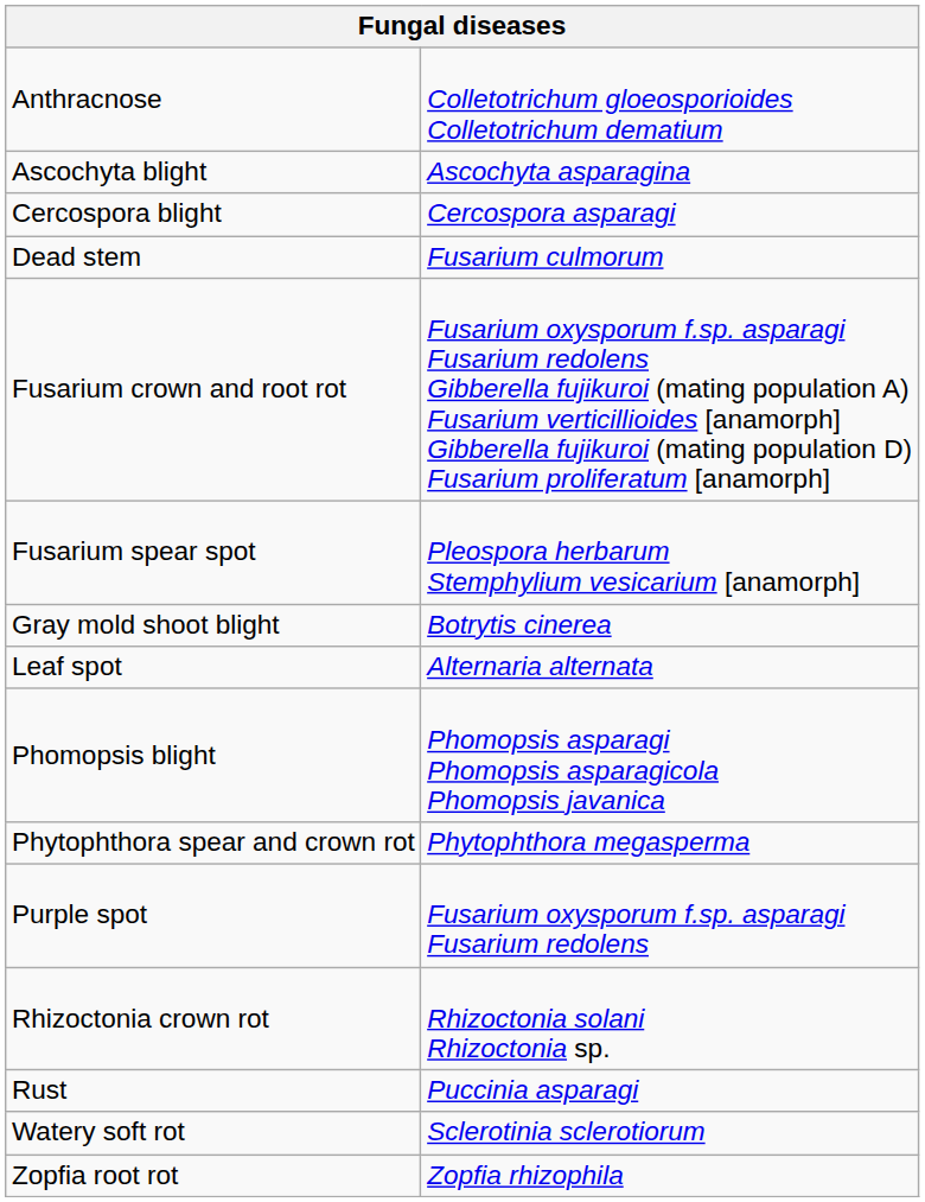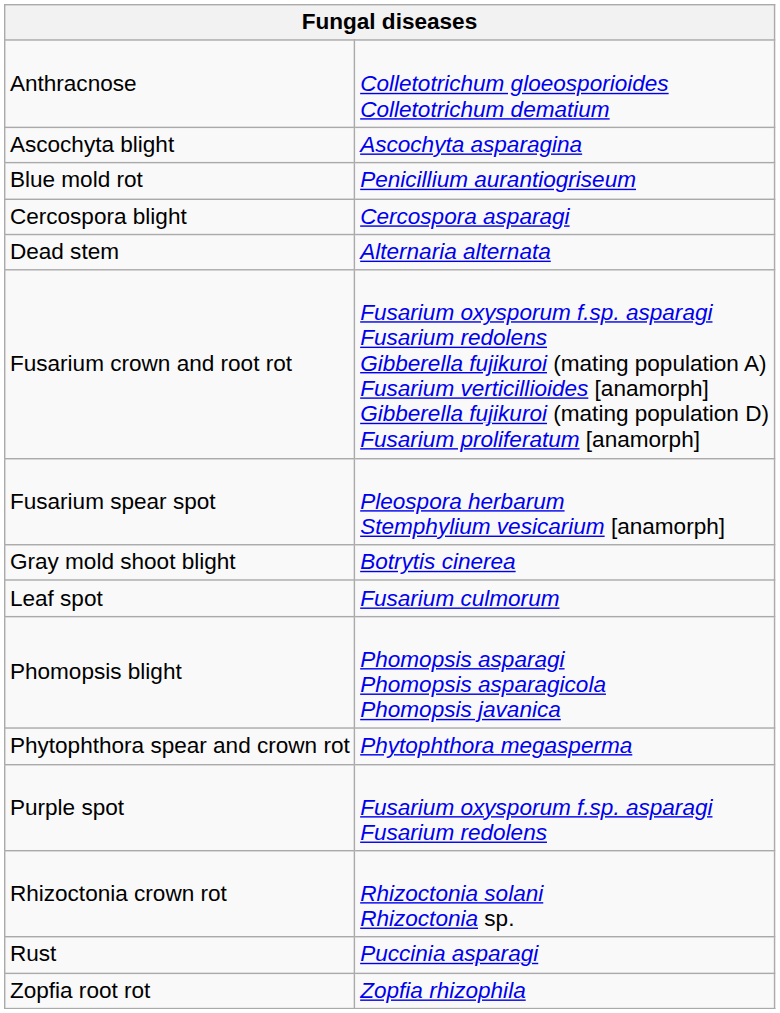 <table class="wikitable" style="clear">
 <tr>
 <th colspan=2><strong>Fungal diseases</strong><br></th>
 </tr>
 <tr>
 <td>Anthracnose</td>
 <td><br><em><a href='#'>Colletotrichum gloeosporioides</a></em><br> <em><a href='#'>Colletotrichum dematium</a></em></td>
 </tr>
 <tr>
 <td>Ascochyta blight</td>
 <td><em><a href='#'>Ascochyta asparagina</a></em></td>
 </tr>
 <tr>
+<td>Blue mold rot</td>
+<td><em><a href='#'>Penicillium aurantiogriseum</a></em></td>
+</tr>
+<tr>
 <td>Cercospora blight</td>
 <td><em><a href='#'>Cercospora asparagi</a></em></td>
 </tr>
 <tr>
 <td>Dead stem</td>
-<td><em><a href='#'>Fusarium culmorum</a></em></td>
+<td><em><a href='#'>Alternaria alternata</a></em></td>
 </tr>
 <tr>
 <td>Fusarium crown and root rot</td>
 <td><br><em><a href='#'>Fusarium oxysporum f.sp. asparagi</a></em><br> <em><a href='#'>Fusarium redolens</a></em><br> <em><a href='#'>Gibberella fujikuroi</a></em> (mating population A) <br> <em><a href='#'>Fusarium verticillioides</a></em> [anamorph] <br> <em><a href='#'>Gibberella fujikuroi</a></em> (mating population D) <br> <em><a href='#'>Fusarium proliferatum</a></em> [anamorph]</td>
 </tr>
 <tr>
 <td>Fusarium spear spot</td>
 <td><br><em><a href='#'>Pleospora herbarum</a></em><br> <em><a href='#'>Stemphylium vesicarium</a></em> [anamorph]</td>
 </tr>
 <tr>
 <td>Gray mold shoot blight</td>
 <td><em><a href='#'>Botrytis cinerea</a></em></td>
 </tr>
 <tr>
 <td>Leaf spot</td>
-<td><em><a href='#'>Alternaria alternata</a></em></td>
+<td><em><a href='#'>Fusarium culmorum</a></em></td>
 </tr>
 <tr>
 <td>Phomopsis blight</td>
 <td><br><em><a href='#'>Phomopsis asparagi</a></em><br> <em><a href='#'>Phomopsis asparagicola</a></em><br> <em><a href='#'>Phomopsis javanica</a></em></td>
 </tr>
 <tr>
 <td>Phytophthora spear and crown rot</td>
 <td><em><a href='#'>Phytophthora megasperma</a></em></td>
 </tr>
 <tr>
 <td>Purple spot</td>
 <td><br><em><a href='#'>Fusarium oxysporum f.sp. asparagi</a></em><br> <em><a href='#'>Fusarium redolens</a></em></td>
 </tr>
 <tr>
 <td>Rhizoctonia crown rot</td>
 <td><br><em><a href='#'>Rhizoctonia solani</a></em><br> <em><a href='#'>Rhizoctonia</a></em> sp.</td>
 </tr>
 <tr>
 <td>Rust</td>
 <td><em><a href='#'>Puccinia asparagi</a></em></td>
 </tr>
 <tr>
-<td>Watery soft rot</td>
-<td><em><a href='#'>Sclerotinia sclerotiorum</a></em></td>
-</tr>
-<tr>
 <td>Zopfia root rot</td>
 <td><em><a href='#'>Zopfia rhizophila</a></em></td>
 </tr>
 <tr>
 </tr>
 </table>
